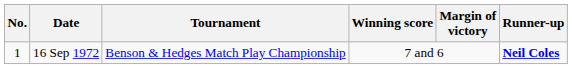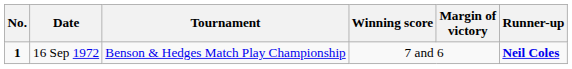 <table class="wikitable" style="font-size:95%;">
 <tr>
 <th>No.</th>
 <th>Date</th>
 <th>Tournament</th>
 <th>Winning score</th>
 <th>Margin of<br>victory</th>
 <th>Runner-up</th>
 </tr>
 <tr>
-<td align=center>1</td>
+<td align=center><strong>1</strong></td>
 <td>16 Sep <a href='#'>1972</a></td>
 <td><a href='#'>Benson & Hedges Match Play Championship</a></td>
 <td colspan=2 align=center>7 and 6</td>
 <td><strong> <a href='#'>Neil Coles</a></strong></td>
 </tr>
 </table>
